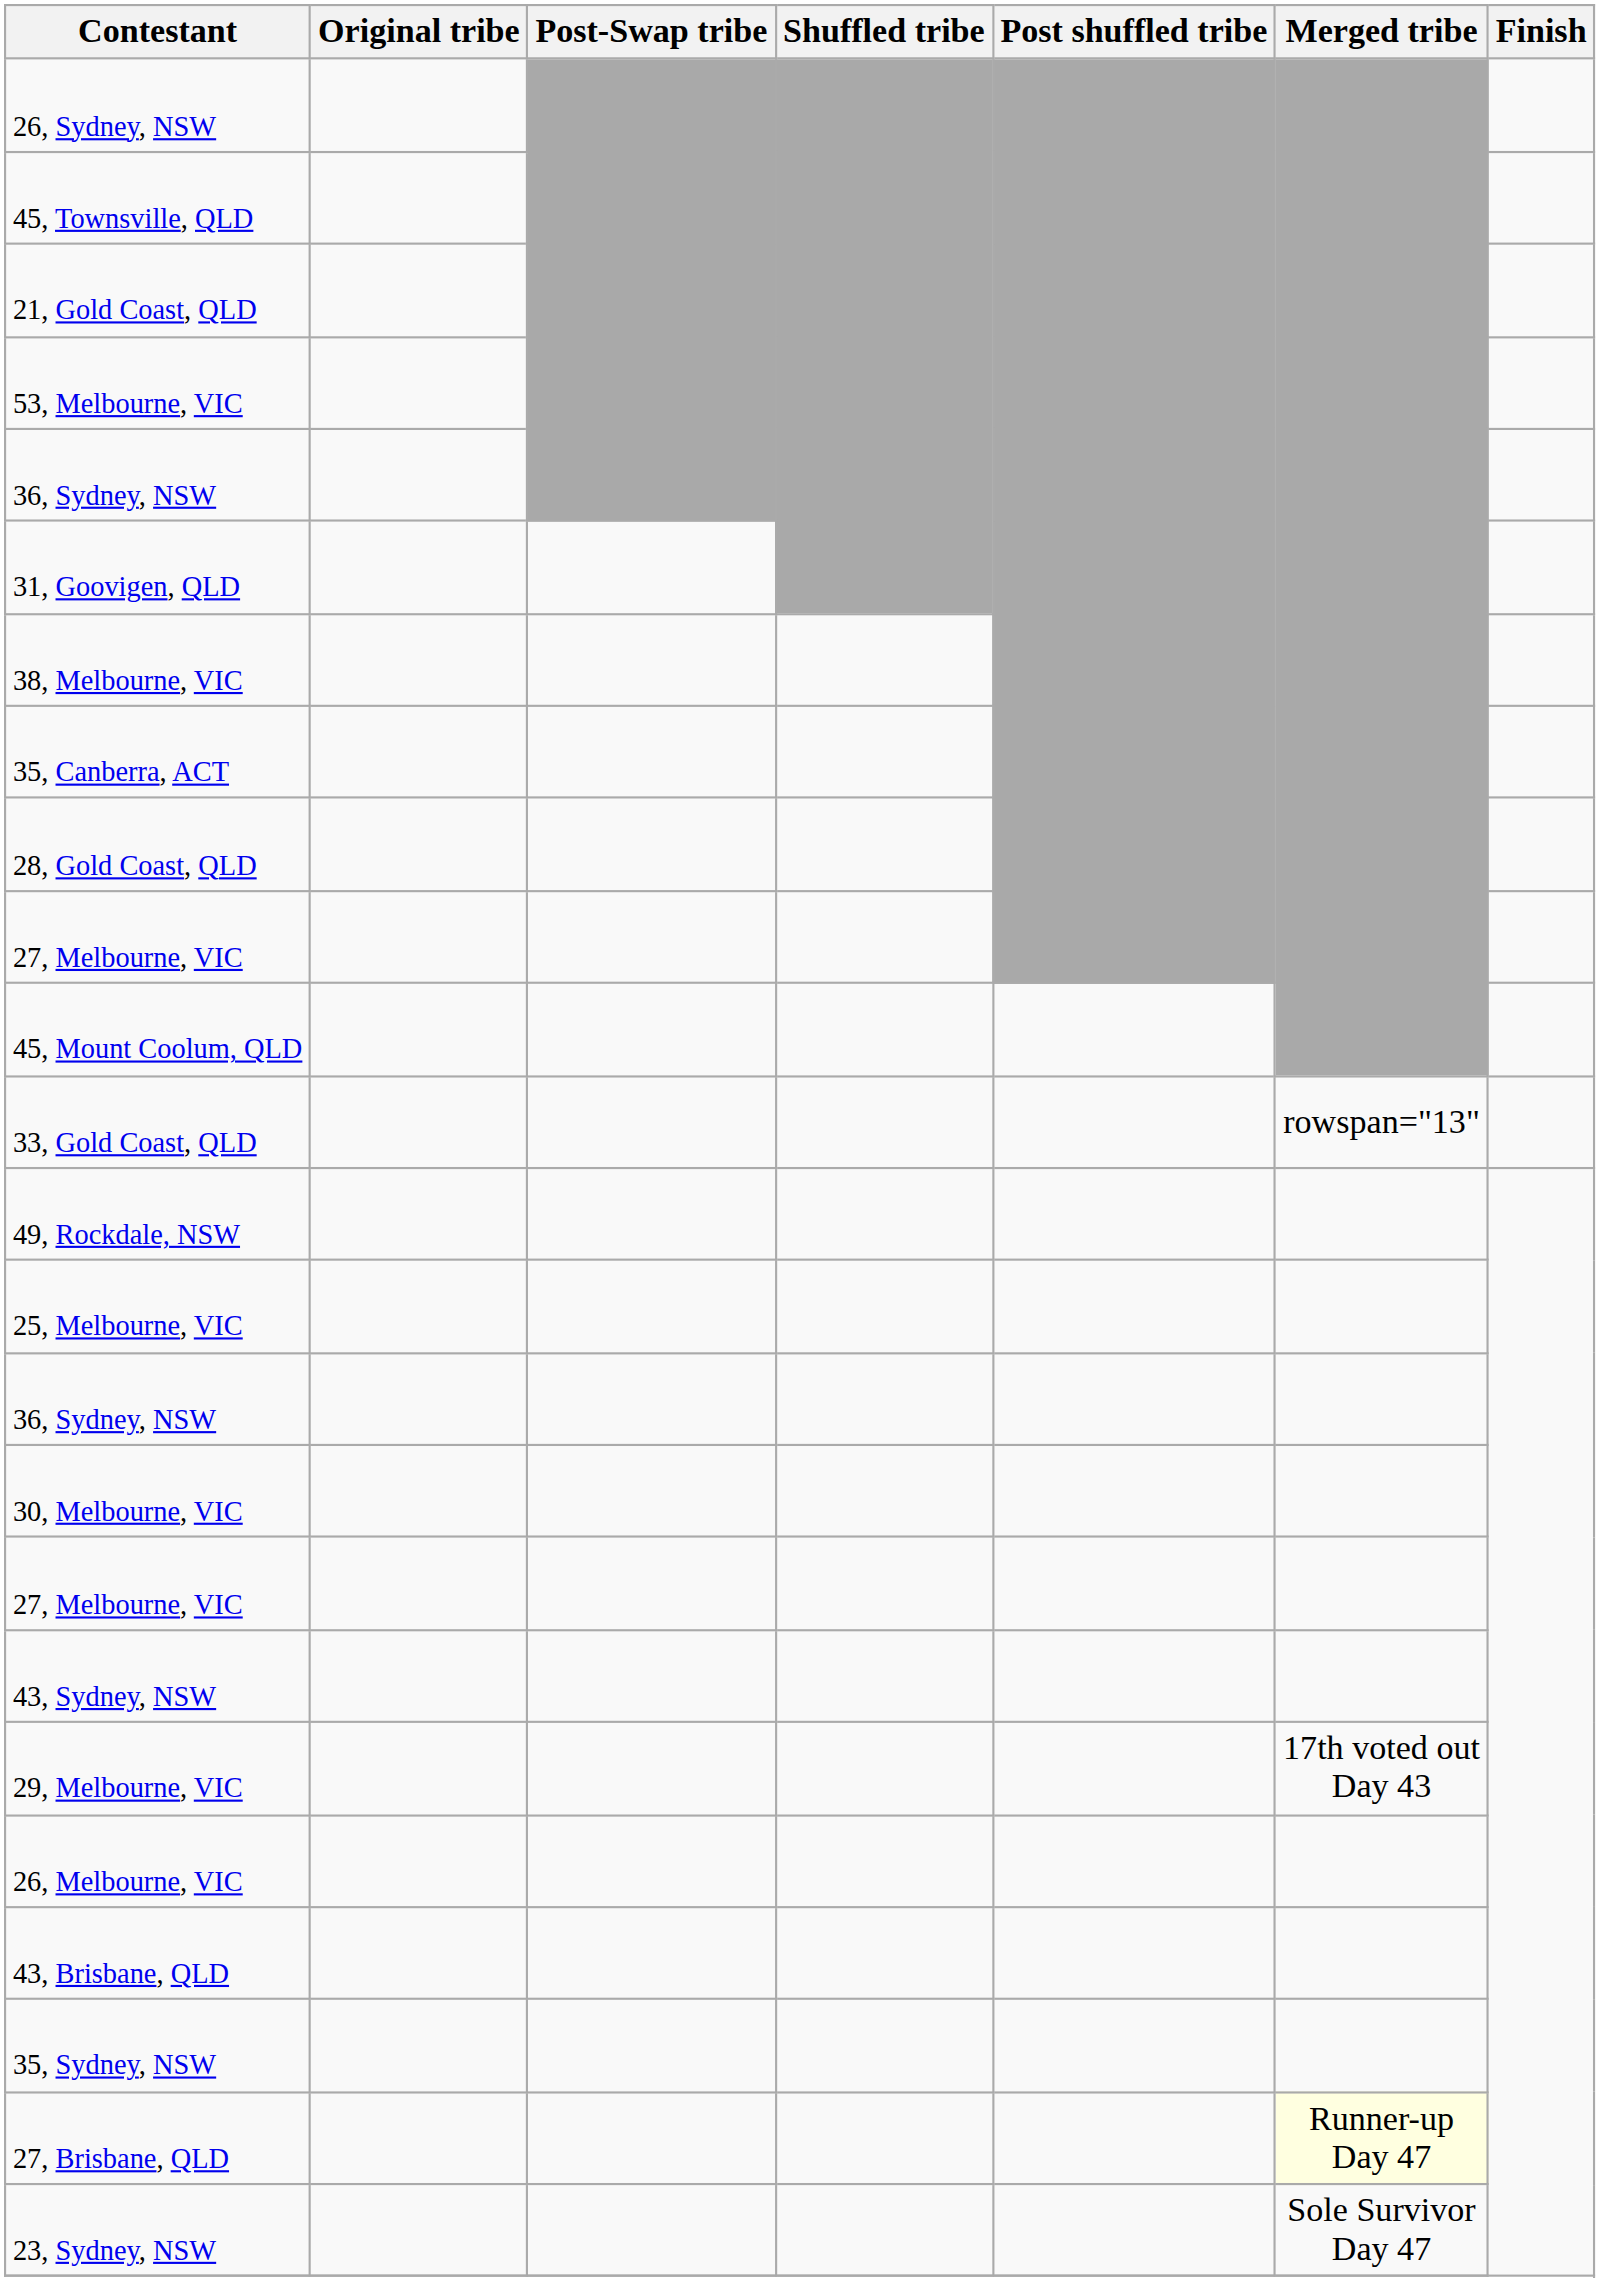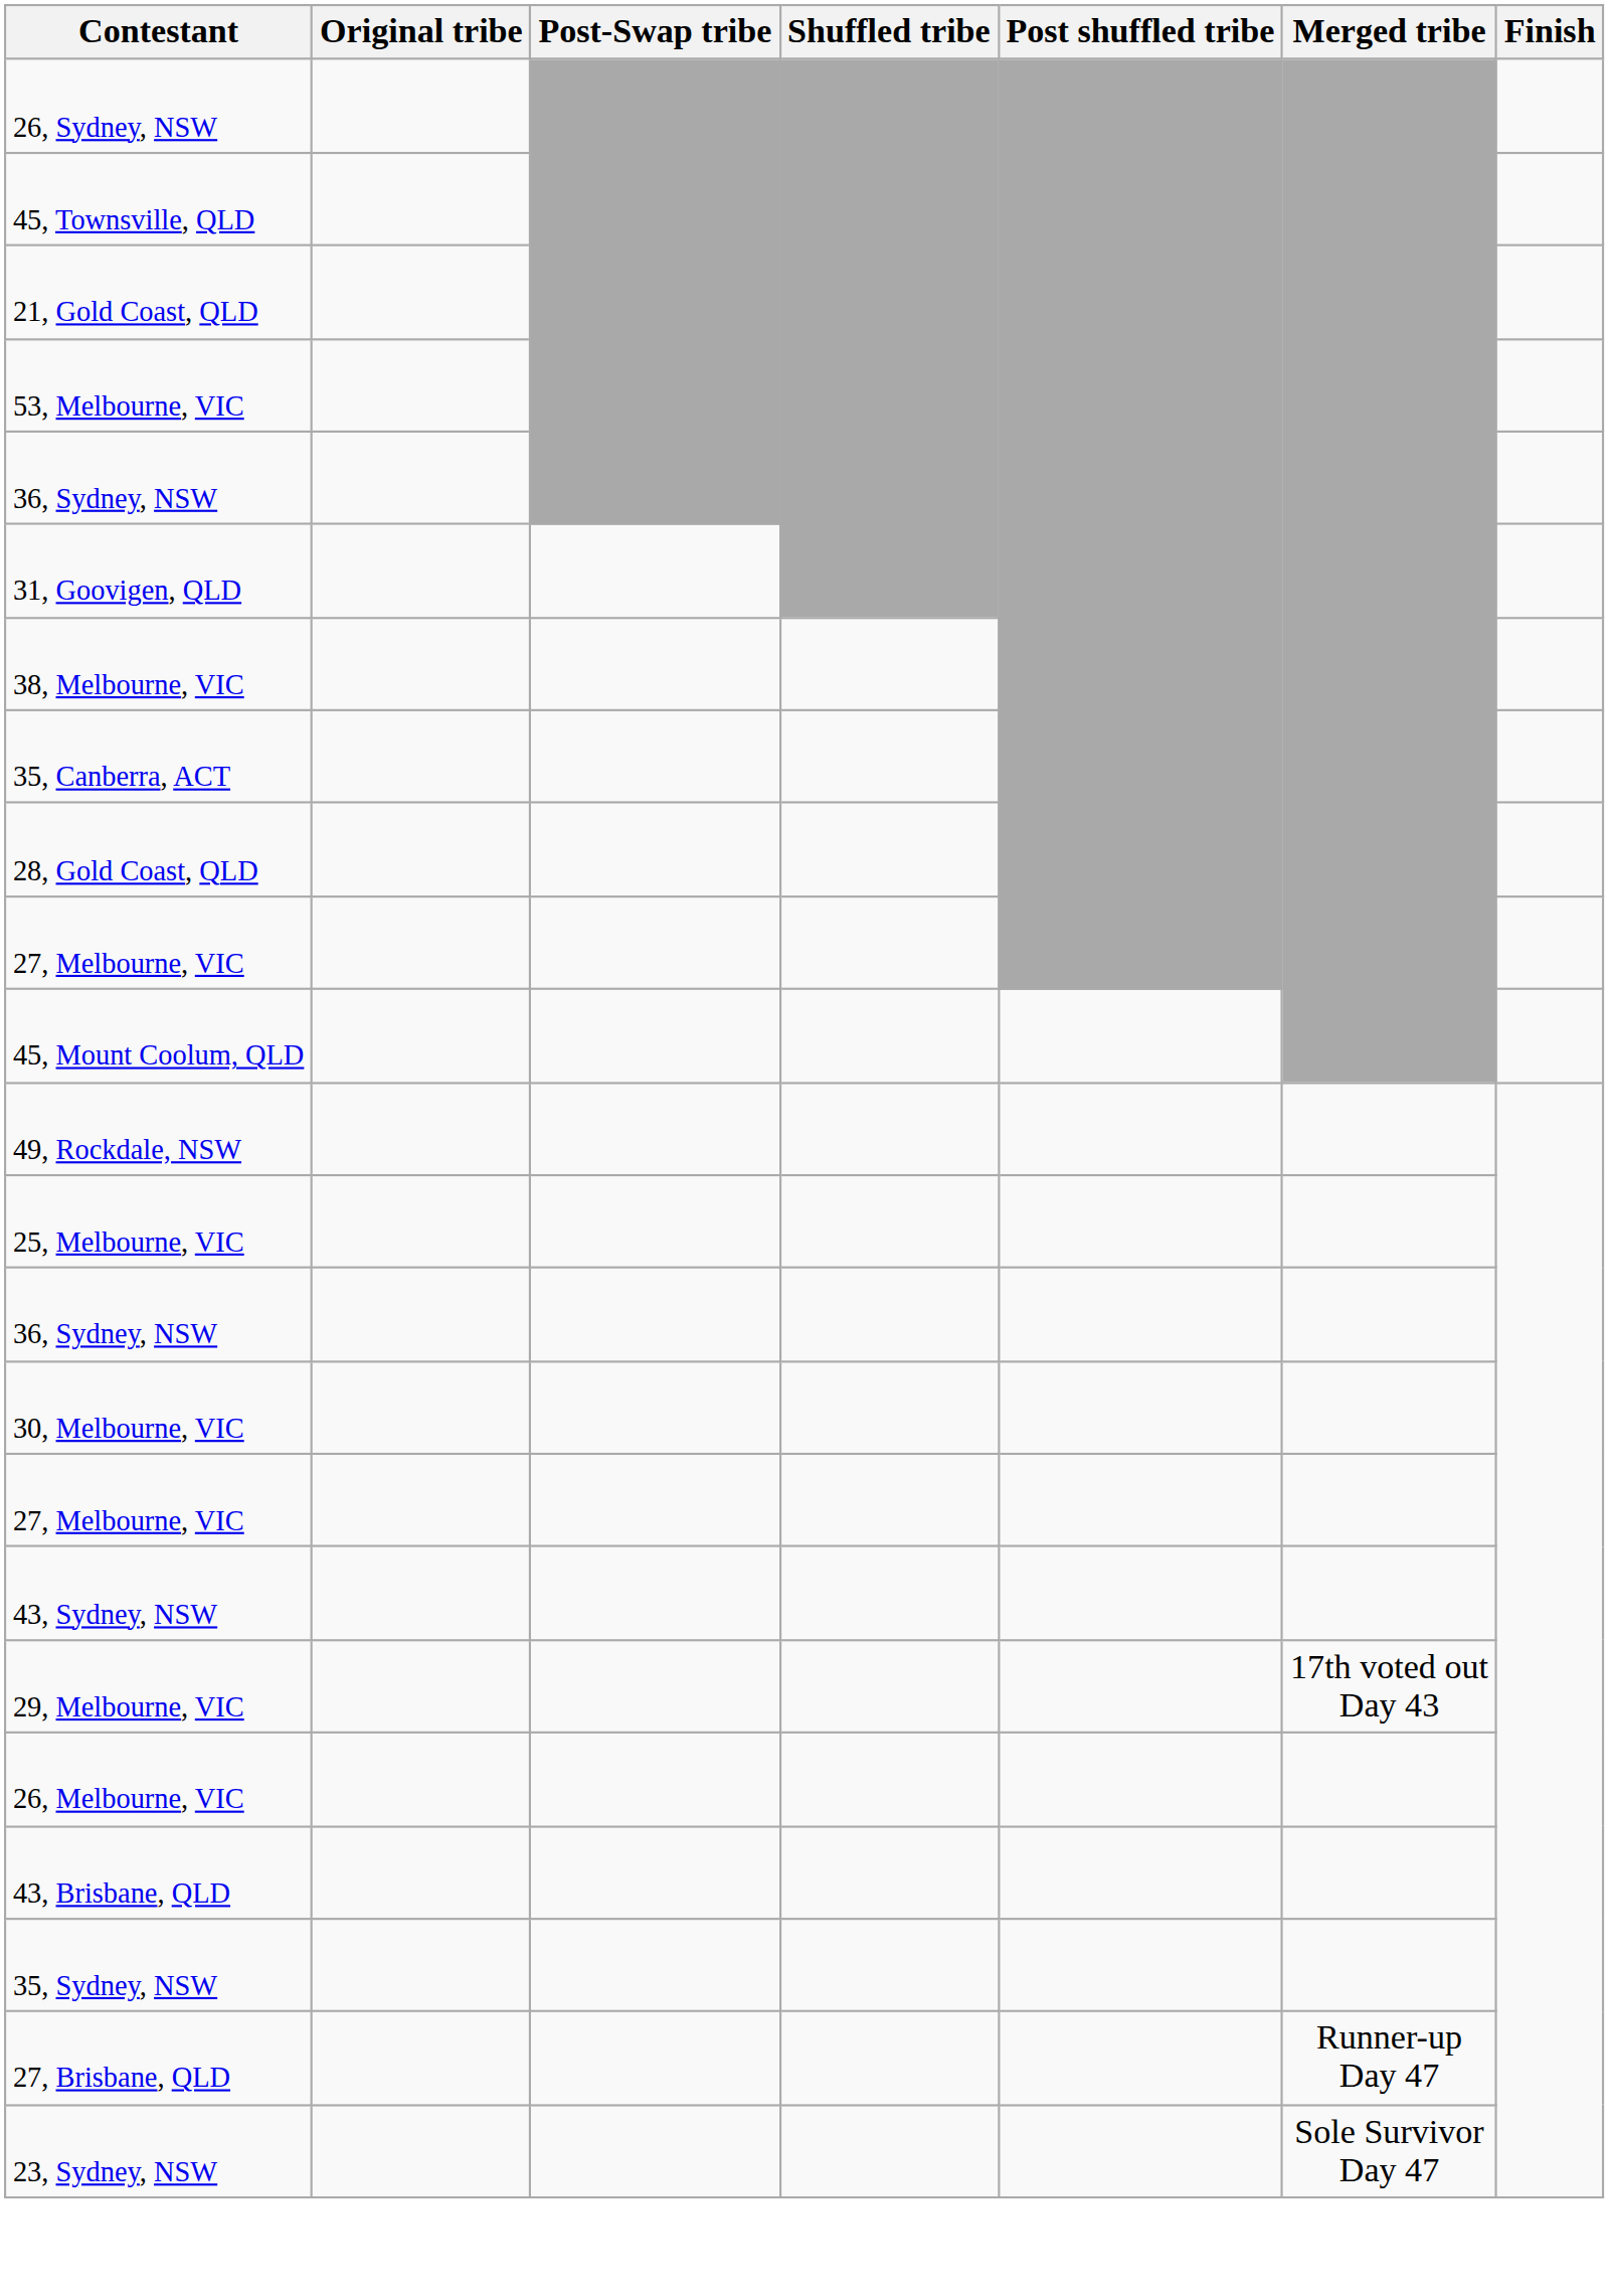 <table class="wikitable sortable" style="text-align:center;">
 <tr>
 <th>Contestant</th>
 <th>Original tribe</th>
 <th>Post-Swap tribe</th>
 <th>Shuffled tribe</th>
 <th>Post shuffled tribe</th>
 <th>Merged tribe</th>
 <th>Finish</th>
 </tr>
 <tr>
 <td style="text-align:left"><strong></strong><br><small>26, <a href='#'>Sydney</a>, <a href='#'>NSW</a></small></td>
 <td></td>
 <td rowspan="5" style="background:darkgrey;"></td>
 <td rowspan="6" style="background:darkgrey;"></td>
 <td rowspan="10" style="background:darkgrey;"></td>
 <td rowspan="11" style="background:darkgrey;"></td>
 <td></td>
 </tr>
 <tr>
 <td style="text-align:left"><strong></strong><br><small>45, <a href='#'>Townsville</a>, <a href='#'>QLD</a></small></td>
 <td></td>
 <td></td>
 </tr>
 <tr>
 <td style="text-align:left"><strong></strong><br><small>21, <a href='#'>Gold Coast</a>, <a href='#'>QLD</a></small></td>
 <td></td>
 <td></td>
 </tr>
 <tr>
 <td style="text-align:left"><strong></strong><br><small>53, <a href='#'>Melbourne</a>, <a href='#'>VIC</a></small></td>
 <td></td>
 <td></td>
 </tr>
 <tr>
 <td style="text-align:left"><strong></strong><br><small>36, <a href='#'>Sydney</a>, <a href='#'>NSW</a></small></td>
 <td></td>
 <td></td>
 </tr>
 <tr>
 <td style="text-align:left"><strong></strong><br><small>31, <a href='#'>Goovigen</a>, <a href='#'>QLD</a></small></td>
 <td></td>
 <td></td>
 <td></td>
 </tr>
 <tr>
 <td style="text-align:left"><strong></strong><br><small>38, <a href='#'>Melbourne</a>, <a href='#'>VIC</a></small></td>
 <td></td>
 <td></td>
 <td></td>
 <td></td>
 </tr>
 <tr>
 <td style="text-align:left"><strong></strong><br><small>35, <a href='#'>Canberra</a>, <a href='#'>ACT</a></small></td>
 <td></td>
 <td></td>
 <td></td>
 <td></td>
 </tr>
 <tr>
 <td style="text-align:left"><strong></strong><br><small>28, <a href='#'>Gold Coast</a>, <a href='#'>QLD</a></small></td>
 <td></td>
 <td></td>
 <td></td>
 <td></td>
 </tr>
 <tr>
 <td style="text-align:left"><strong></strong><br><small>27, <a href='#'>Melbourne</a>, <a href='#'>VIC</a></small></td>
 <td></td>
 <td></td>
 <td></td>
 <td></td>
 </tr>
 <tr>
 <td style="text-align:left"><strong></strong><br><small>45, <a href='#'>Mount Coolum, QLD</a></small></td>
 <td></td>
 <td></td>
 <td></td>
 <td></td>
-<td></td>
-</tr>
-<tr>
-<td style="text-align:left"><strong></strong><br><small>33, <a href='#'>Gold Coast</a>, <a href='#'>QLD</a></small></td>
-<td></td>
-<td></td>
-<td></td>
-<td></td>
-<td>rowspan="13" </td>
 <td></td>
 </tr>
 <tr>
 <td style="text-align:left"><strong></strong><br><small>49, <a href='#'>Rockdale, NSW</a></small></td>
 <td></td>
 <td></td>
 <td></td>
 <td></td>
 <td></td>
 </tr>
 <tr>
 <td style="text-align:left"><strong></strong><br><small>25, <a href='#'>Melbourne</a>, <a href='#'>VIC</a></small></td>
 <td></td>
 <td></td>
 <td></td>
 <td></td>
 <td></td>
 </tr>
 <tr>
 <td style="text-align:left"><strong></strong><br><small>36, <a href='#'>Sydney</a>, <a href='#'>NSW</a></small></td>
 <td></td>
 <td></td>
 <td></td>
 <td></td>
 <td></td>
 </tr>
 <tr>
 <td style="text-align:left"><strong></strong><br><small>30, <a href='#'>Melbourne</a>, <a href='#'>VIC</a></small></td>
 <td></td>
 <td></td>
 <td></td>
 <td></td>
 <td></td>
 </tr>
 <tr>
 <td style="text-align:left"><strong></strong><br><small>27, <a href='#'>Melbourne</a>, <a href='#'>VIC</a></small></td>
 <td></td>
 <td></td>
 <td></td>
 <td></td>
 <td></td>
 </tr>
 <tr>
 <td style="text-align:left"><strong></strong><br><small>43, <a href='#'>Sydney</a>, <a href='#'>NSW</a></small></td>
 <td></td>
 <td></td>
 <td></td>
 <td></td>
 <td></td>
 </tr>
 <tr>
 <td style="text-align:left"><strong></strong><br><small>29, <a href='#'>Melbourne</a>, <a href='#'>VIC</a></small></td>
 <td></td>
 <td></td>
 <td></td>
 <td></td>
 <td>17th voted out<br>Day 43</td>
 </tr>
 <tr>
 <td style="text-align:left"><strong></strong><br><small>26, <a href='#'>Melbourne</a>, <a href='#'>VIC</a></small></td>
 <td></td>
 <td></td>
 <td></td>
 <td></td>
 <td></td>
 </tr>
 <tr>
 <td style="text-align:left"><strong></strong><br><small>43, <a href='#'>Brisbane</a>, <a href='#'>QLD</a></small></td>
 <td></td>
 <td></td>
 <td></td>
 <td></td>
 <td></td>
 </tr>
 <tr>
 <td style="text-align:left"><strong></strong><br><small>35, <a href='#'>Sydney</a>, <a href='#'>NSW</a></small></td>
 <td></td>
 <td></td>
 <td></td>
 <td></td>
 <td></td>
 </tr>
 <tr>
 <td style="text-align:left"><strong></strong><br><small>27, <a href='#'>Brisbane</a>, <a href='#'>QLD</a></small></td>
 <td></td>
 <td></td>
 <td></td>
 <td></td>
-<td style="background: lightyellow;">Runner-up<br>Day 47</td>
+<td>Runner-up<br>Day 47</td>
 </tr>
 <tr>
 <td style="text-align:left"><strong></strong><br><small>23, <a href='#'>Sydney</a>, <a href='#'>NSW</a></small></td>
 <td></td>
 <td></td>
 <td></td>
 <td></td>
 <td>Sole Survivor<br>Day 47</td>
 </tr>
 <tr>
 </tr>
 </table>
